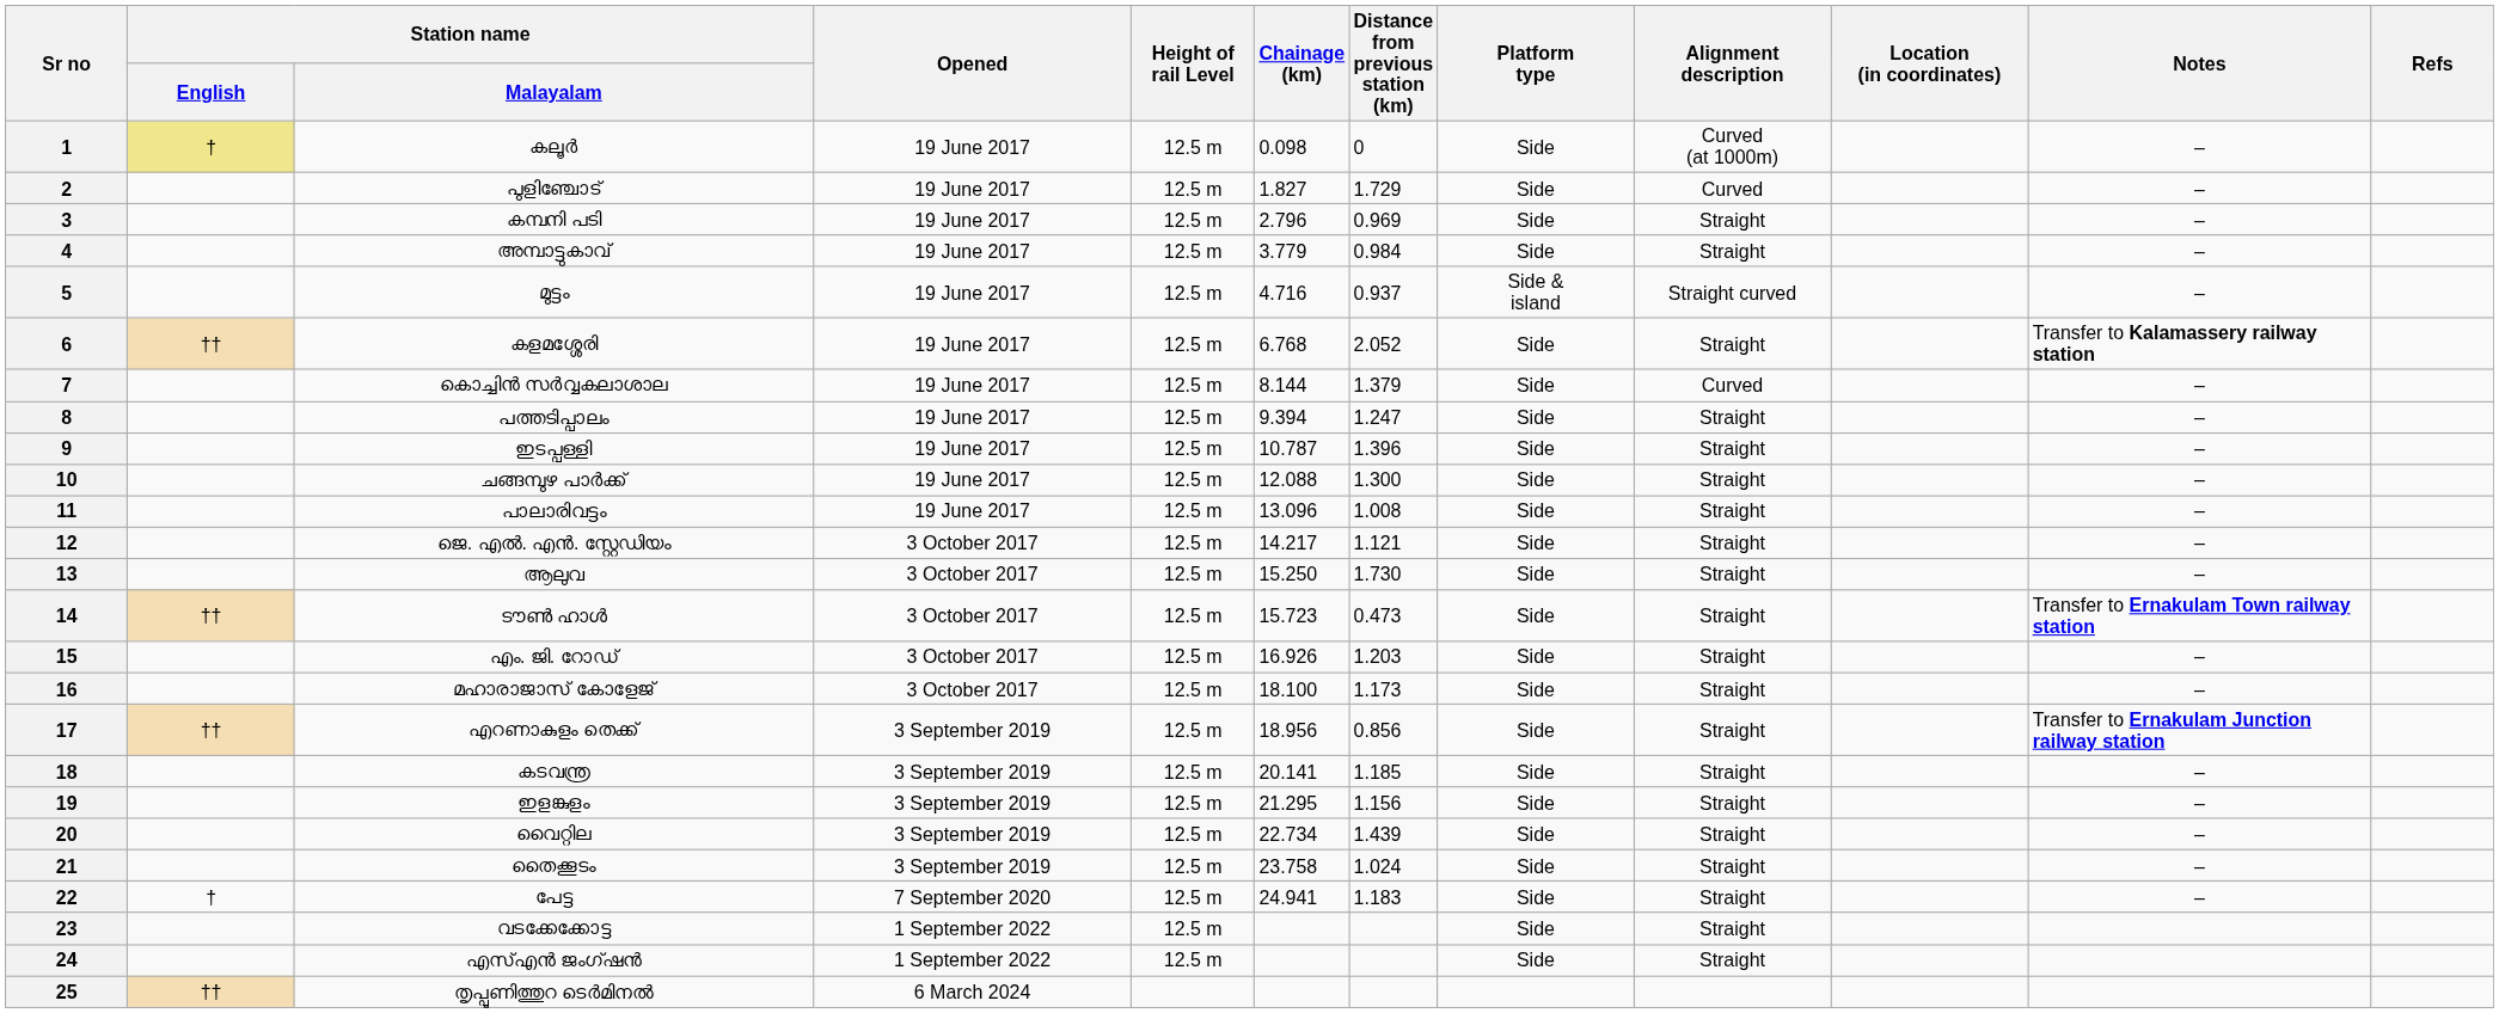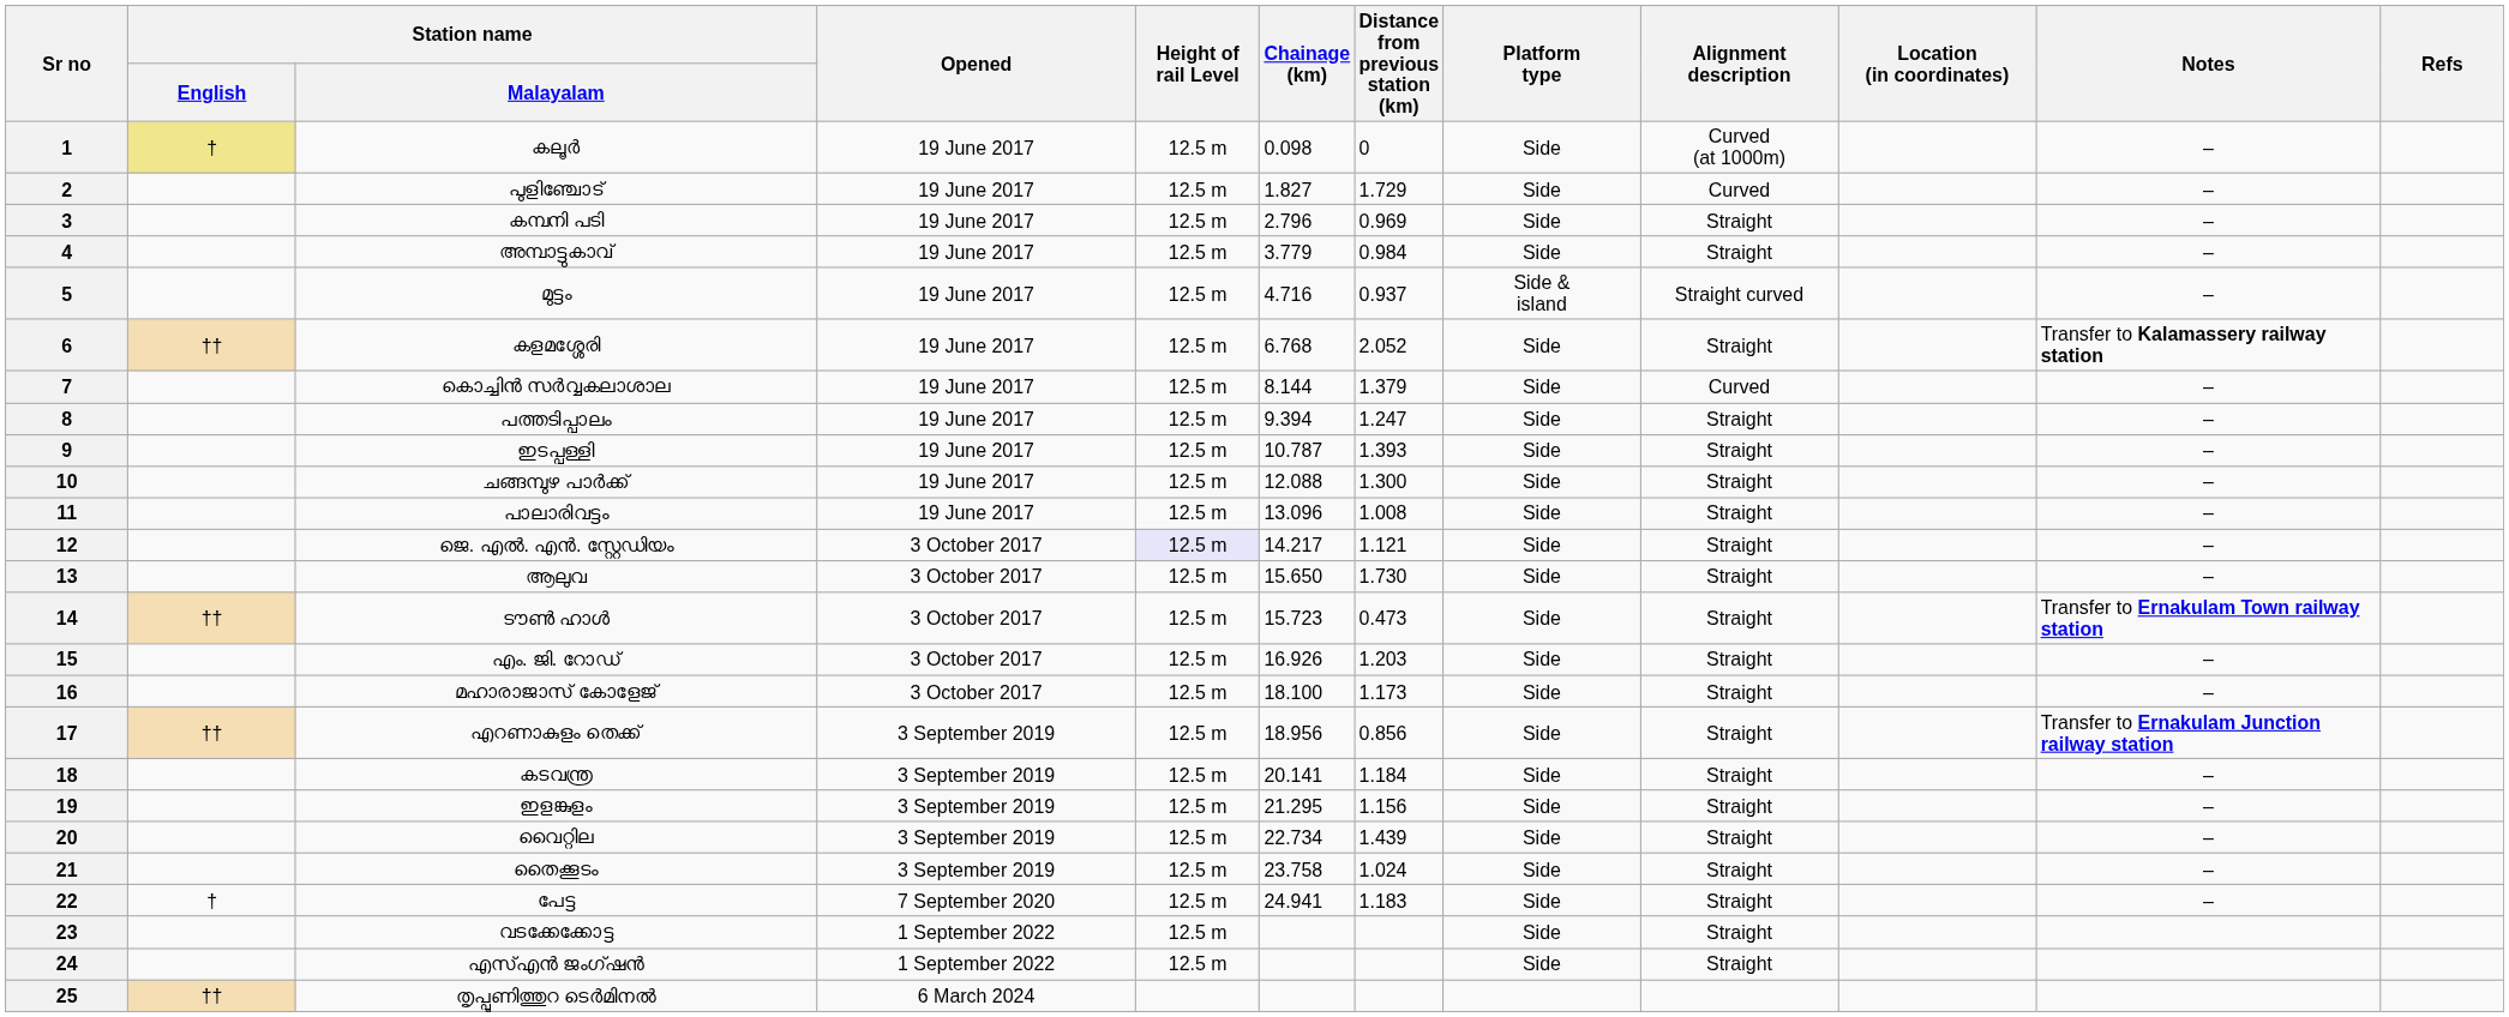 <table class="wikitable sortable" style="font-size:95%;" width="100%">
 <tr>
 <th rowspan="2" width="5%">Sr no</th>
 <th colspan="2" width="28%">Station name</th>
 <th rowspan="2" width="13%">Opened</th>
 <th rowspan="2" width="5%">Height of<br>rail Level</th>
 <th rowspan="2"><a href='#'>Chainage</a> (km)</th>
 <th rowspan="2"><strong>Distance from</strong><br><strong>previous station (km)</strong></th>
 <th rowspan="2" width="8%">Platform<br>type</th>
 <th rowspan="2" width="8%">Alignment description</th>
 <th rowspan="2" width="8%">Location<br>(in coordinates)</th>
 <th rowspan="2" width="14%">Notes</th>
 <th rowspan="2" width="5%">Refs</th>
 </tr>
 <tr>
 <th><a href='#'>English</a></th>
 <th><a href='#'>Malayalam</a></th>
 </tr>
 <tr>
 <th>1</th>
 <td align="center" style="background-color:#F0E68C">†</td>
 <td align="center">കലൂർ</td>
 <td align="center">19 June 2017</td>
 <td align="center">12.5 m</td>
 <td>0.098</td>
 <td>0</td>
 <td align="center">Side</td>
 <td align="center">Curved<br>(at 1000m)</td>
 <td></td>
 <td align="center">–</td>
 <td></td>
 </tr>
 <tr>
 <th>2</th>
 <td align="center"></td>
 <td align="center">പുളിഞ്ചോട്</td>
 <td align="center">19 June 2017</td>
 <td align="center">12.5 m</td>
 <td>1.827</td>
 <td>1.729</td>
 <td align="center">Side</td>
 <td align="center">Curved</td>
 <td></td>
 <td align="center">–</td>
 <td></td>
 </tr>
 <tr>
 <th>3</th>
 <td align="center"></td>
 <td align="center">കമ്പനി പടി</td>
 <td align="center">19 June 2017</td>
 <td align="center">12.5 m</td>
 <td>2.796</td>
 <td>0.969</td>
 <td align="center">Side</td>
 <td align="center">Straight</td>
 <td></td>
 <td align="center">–</td>
 <td></td>
 </tr>
 <tr>
 <th>4</th>
 <td align="center"></td>
 <td align="center">അമ്പാട്ടുകാവ്</td>
 <td align="center">19 June 2017</td>
 <td align="center">12.5 m</td>
 <td>3.779</td>
 <td>0.984</td>
 <td align="center">Side</td>
 <td align="center">Straight</td>
 <td></td>
 <td align="center">–</td>
 <td></td>
 </tr>
 <tr>
 <th>5</th>
 <td align="center"></td>
 <td align="center">മുട്ടം</td>
 <td align="center">19 June 2017</td>
 <td align="center">12.5 m</td>
 <td>4.716</td>
 <td>0.937</td>
 <td align="center">Side &<br>island</td>
 <td align="center">Straight curved</td>
 <td></td>
 <td align="center">–</td>
 <td></td>
 </tr>
 <tr>
 <th>6</th>
 <td align="center" style="background-color:#F5DEB3">††</td>
 <td align="center">കളമശ്ശേരി</td>
 <td align="center">19 June 2017</td>
 <td align="center">12.5 m</td>
 <td>6.768</td>
 <td>2.052</td>
 <td align="center">Side</td>
 <td align="center">Straight</td>
 <td></td>
 <td>Transfer to <strong>Kalamassery railway station</strong></td>
 <td></td>
 </tr>
 <tr>
 <th>7</th>
 <td align="center"></td>
 <td align="center">കൊച്ചിൻ സർവ്വകലാശാല</td>
 <td align="center">19 June 2017</td>
 <td align="center">12.5 m</td>
 <td>8.144</td>
 <td>1.379</td>
 <td align="center">Side</td>
 <td align="center">Curved</td>
 <td></td>
 <td align="center">–</td>
 <td></td>
 </tr>
 <tr>
 <th>8</th>
 <td align="center"></td>
 <td align="center">പത്തടിപ്പാലം</td>
 <td align="center">19 June 2017</td>
 <td align="center">12.5 m</td>
 <td>9.394</td>
 <td>1.247</td>
 <td align="center">Side</td>
 <td align="center">Straight</td>
 <td></td>
 <td align="center">–</td>
 <td></td>
 </tr>
 <tr>
 <th>9</th>
 <td align="center"></td>
 <td align="center">ഇടപ്പള്ളി</td>
 <td align="center">19 June 2017</td>
 <td align="center">12.5 m</td>
 <td>10.787</td>
-<td>1.396</td>
+<td>1.393</td>
 <td align="center">Side</td>
 <td align="center">Straight</td>
 <td></td>
 <td align="center">–</td>
 <td></td>
 </tr>
 <tr>
 <th>10</th>
 <td align="center"></td>
 <td align="center">ചങ്ങമ്പുഴ പാർക്ക്</td>
 <td align="center">19 June 2017</td>
 <td align="center">12.5 m</td>
 <td>12.088</td>
 <td>1.300</td>
 <td align="center">Side</td>
 <td align="center">Straight</td>
 <td></td>
 <td align="center">–</td>
 <td></td>
 </tr>
 <tr>
 <th>11</th>
 <td align="center"></td>
 <td align="center">പാലാരിവട്ടം</td>
 <td align="center">19 June 2017</td>
 <td align="center">12.5 m</td>
 <td>13.096</td>
 <td>1.008</td>
 <td align="center">Side</td>
 <td align="center">Straight</td>
 <td></td>
 <td align="center">–</td>
 <td></td>
 </tr>
 <tr>
 <th>12</th>
 <td align="center"></td>
 <td align="center">ജെ. എൽ. എൻ. സ്റ്റേഡിയം</td>
 <td align="center">3 October 2017</td>
-<td align="center">12.5 m</td>
+<td align="center" style="background: lavender;">12.5 m</td>
 <td>14.217</td>
 <td>1.121</td>
 <td align="center">Side</td>
 <td align="center">Straight</td>
 <td></td>
 <td align="center">–</td>
 <td></td>
 </tr>
 <tr>
 <th>13</th>
 <td align="center"></td>
 <td align="center">ആലുവ</td>
 <td align="center">3 October 2017</td>
 <td align="center">12.5 m</td>
-<td>15.250</td>
+<td>15.650</td>
 <td>1.730</td>
 <td align="center">Side</td>
 <td align="center">Straight</td>
 <td></td>
 <td align="center">–</td>
 <td></td>
 </tr>
 <tr>
 <th>14</th>
 <td align="center" style="background-color:#F5DEB3">††</td>
 <td align="center">ടൗണ്‍ ഹാൾ</td>
 <td align="center">3 October 2017</td>
 <td align="center">12.5 m</td>
 <td>15.723</td>
 <td>0.473</td>
 <td align="center">Side</td>
 <td align="center">Straight</td>
 <td></td>
 <td>Transfer to <strong><a href='#'>Ernakulam Town railway station</a></strong></td>
 <td></td>
 </tr>
 <tr>
 <th>15</th>
 <td align="center"></td>
 <td align="center">എം. ജി. റോഡ്</td>
 <td align="center">3 October 2017</td>
 <td align="center">12.5 m</td>
 <td>16.926</td>
 <td>1.203</td>
 <td align="center">Side</td>
 <td align="center">Straight</td>
 <td></td>
 <td align="center">–</td>
 <td></td>
 </tr>
 <tr>
 <th>16</th>
 <td align="center"></td>
 <td align="center">മഹാരാജാസ് കോളേജ്</td>
 <td align="center">3 October 2017</td>
 <td align="center">12.5 m</td>
 <td>18.100</td>
 <td>1.173</td>
 <td align="center">Side</td>
 <td align="center">Straight</td>
 <td></td>
 <td align="center">–</td>
 <td></td>
 </tr>
 <tr>
 <th>17</th>
 <td align="center" style="background-color:#F5DEB3">††</td>
 <td align="center">എറണാകുളം തെക്ക്</td>
 <td align="center">3 September 2019</td>
 <td align="center">12.5 m</td>
 <td>18.956</td>
 <td>0.856</td>
 <td align="center">Side</td>
 <td align="center">Straight</td>
 <td></td>
 <td>Transfer to <strong><a href='#'>Ernakulam Junction railway station</a></strong></td>
 <td></td>
 </tr>
 <tr>
 <th>18</th>
 <td align="center"></td>
 <td align="center">കടവന്ത്ര</td>
 <td align="center">3 September 2019</td>
 <td align="center">12.5 m</td>
 <td>20.141</td>
-<td>1.185</td>
+<td>1.184</td>
 <td align="center">Side</td>
 <td align="center">Straight</td>
 <td></td>
 <td align="center">–</td>
 <td></td>
 </tr>
 <tr>
 <th>19</th>
 <td align="center"></td>
 <td align="center">ഇളങ്കുളം</td>
 <td align="center">3 September 2019</td>
 <td align="center">12.5 m</td>
 <td>21.295</td>
 <td>1.156</td>
 <td align="center">Side</td>
 <td align="center">Straight</td>
 <td></td>
 <td align="center">–</td>
 <td></td>
 </tr>
 <tr>
 <th>20</th>
 <td align="center"></td>
 <td align="center">വൈറ്റില</td>
 <td align="center">3 September 2019</td>
 <td align="center">12.5 m</td>
 <td>22.734</td>
 <td>1.439</td>
 <td align="center">Side</td>
 <td align="center">Straight</td>
 <td></td>
 <td align="center">–</td>
 <td></td>
 </tr>
 <tr>
 <th>21</th>
 <td align="center"></td>
 <td align="center">തൈക്കൂടം</td>
 <td align="center">3 September 2019</td>
 <td align="center">12.5 m</td>
 <td>23.758</td>
 <td>1.024</td>
 <td align="center">Side</td>
 <td align="center">Straight</td>
 <td></td>
 <td align="center">–</td>
 <td></td>
 </tr>
 <tr>
 <th>22</th>
 <td align="center">†</td>
 <td align="center">പേട്ട</td>
 <td align="center">7 September 2020</td>
 <td align="center">12.5 m</td>
 <td>24.941</td>
 <td>1.183</td>
 <td align="center">Side</td>
 <td align="center">Straight</td>
 <td></td>
 <td align="center">–</td>
 <td></td>
 </tr>
 <tr>
 <th>23</th>
 <td align="center"></td>
 <td align="center">വടക്കേക്കോട്ട</td>
 <td align="center">1 September 2022</td>
 <td align="center">12.5 m</td>
 <td></td>
 <td></td>
 <td align="center">Side</td>
 <td align="center">Straight</td>
 <td></td>
 <td></td>
 <td></td>
 </tr>
 <tr>
 <th>24</th>
 <td align="center"></td>
 <td align="center">എസ്എൻ ജംഗ്ഷൻ</td>
 <td align="center">1 September 2022</td>
 <td align="center">12.5 m</td>
 <td></td>
 <td></td>
 <td align="center">Side</td>
 <td align="center">Straight</td>
 <td></td>
 <td></td>
 <td></td>
 </tr>
 <tr>
 <th>25</th>
 <td align="center" style="background-color:#F5DEB3">††</td>
 <td align="center">തൃപ്പൂണിത്തുറ ടെർമിനൽ</td>
 <td align="center">6 March 2024</td>
 <td align="center"></td>
 <td></td>
 <td></td>
 <td align="center"></td>
 <td align="center"></td>
 <td></td>
 <td></td>
 <td></td>
 </tr>
 </table>
